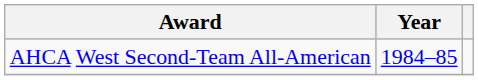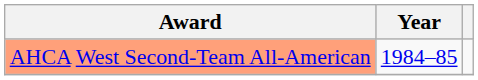 <table class="wikitable">
 <tr>
 <th>Award</th>
 <th>Year</th>
 <th></th>
 </tr>
 <tr>
-<td><a href='#'>AHCA</a> <a href='#'>West Second-Team All-American</a></td>
+<td style="background: lightsalmon;"><a href='#'>AHCA</a> <a href='#'>West Second-Team All-American</a></td>
 <td><a href='#'>1984–85</a></td>
 <td></td>
 </tr>
 <tr>
 </tr>
 </table>
